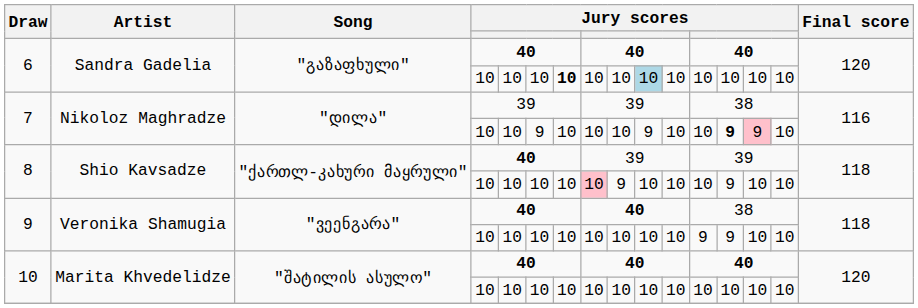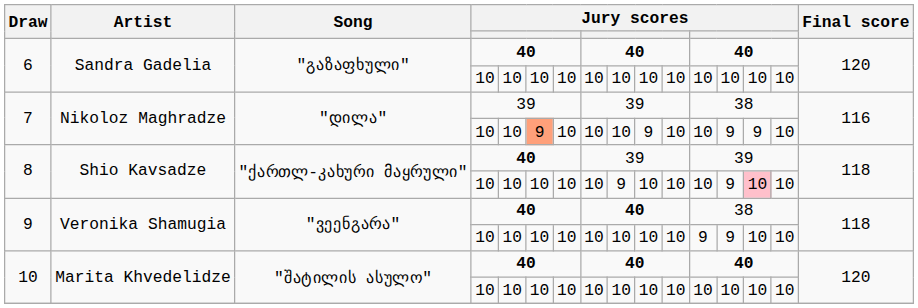 <table class="sortable wikitable" style="text-align:center;margin:1em auto 1em auto">
 <tr>
 <th scope="col" rowspan="2">Draw</th>
 <th scope="col" rowspan="2">Artist</th>
 <th scope="col" rowspan="2">Song</th>
 <th scope="col" colspan="12">Jury scores</th>
 <th scope="col" rowspan="2">Final score</th>
 </tr>
 <tr>
 <th scope="col" colspan="4" class="unsortable"><small></small></th>
 <th scope="col" colspan="4" class="unsortable"><small></small></th>
 <th scope="col" colspan="4" class="unsortable"><small></small></th>
 </tr>
 <tr>
 <td rowspan="2">6</td>
 <td rowspan="2">Sandra Gadelia</td>
 <td rowspan="2">"გაზაფხული"<br></td>
 <td colspan="4"><strong>40</strong></td>
 <td colspan="4"><strong>40</strong></td>
 <td colspan="4"><strong>40</strong></td>
 <td rowspan="2">120</td>
 </tr>
 <tr>
 <td>10</td>
 <td>10</td>
 <td>10</td>
-<td><strong>10</strong></td>
 <td>10</td>
 <td>10</td>
-<td style="background: lightblue;">10</td>
+<td>10</td>
+<td>10</td>
 <td>10</td>
 <td>10</td>
 <td>10</td>
 <td>10</td>
 <td>10</td>
 </tr>
 <tr>
 <td rowspan="2">7</td>
 <td rowspan="2">Nikoloz Maghradze</td>
 <td rowspan="2">"დილა"<br></td>
 <td colspan="4">39</td>
 <td colspan="4">39</td>
 <td colspan="4">38</td>
 <td rowspan="2">116</td>
 </tr>
 <tr>
 <td>10</td>
 <td>10</td>
-<td>9</td>
+<td style="background: lightsalmon;">9</td>
 <td>10</td>
 <td>10</td>
 <td>10</td>
 <td>9</td>
 <td>10</td>
 <td>10</td>
-<td><strong>9</strong></td>
-<td style="background: pink;">9</td>
+<td>9</td>
+<td>9</td>
 <td>10</td>
 </tr>
 <tr>
 <td rowspan="2">8</td>
 <td rowspan="2">Shio Kavsadze</td>
 <td rowspan="2">"ქართლ-კახური მაყრული"<br></td>
 <td colspan="4"><strong>40</strong></td>
 <td colspan="4">39</td>
 <td colspan="4">39</td>
 <td rowspan="2">118</td>
 </tr>
 <tr>
 <td>10</td>
 <td>10</td>
 <td>10</td>
 <td>10</td>
-<td style="background: pink;">10</td>
+<td>10</td>
 <td>9</td>
 <td>10</td>
 <td>10</td>
 <td>10</td>
 <td>9</td>
-<td>10</td>
+<td style="background: pink;">10</td>
 <td>10</td>
 </tr>
 <tr>
 <td rowspan="2">9</td>
 <td rowspan="2">Veronika Shamugia</td>
 <td rowspan="2">"ვეენგარა"<br></td>
 <td colspan="4"><strong>40</strong></td>
 <td colspan="4"><strong>40</strong></td>
 <td colspan="4">38</td>
 <td rowspan="2">118</td>
 </tr>
 <tr>
 <td>10</td>
 <td>10</td>
 <td>10</td>
 <td>10</td>
 <td>10</td>
 <td>10</td>
 <td>10</td>
 <td>10</td>
 <td>9</td>
 <td>9</td>
 <td>10</td>
 <td>10</td>
 </tr>
 <tr>
 <td rowspan="2">10</td>
 <td rowspan="2">Marita Khvedelidze</td>
 <td rowspan="2">"შატილის ასულო"<br></td>
 <td colspan="4"><strong>40</strong></td>
 <td colspan="4"><strong>40</strong></td>
 <td colspan="4"><strong>40</strong></td>
 <td rowspan="2">120</td>
 </tr>
 <tr>
 <td>10</td>
 <td>10</td>
 <td>10</td>
 <td>10</td>
 <td>10</td>
 <td>10</td>
 <td>10</td>
 <td>10</td>
 <td>10</td>
 <td>10</td>
 <td>10</td>
 <td>10</td>
 </tr>
 <tr>
 </tr>
 </table>
